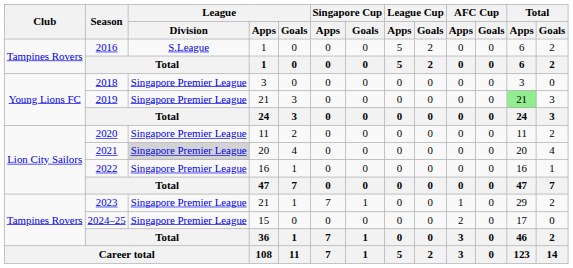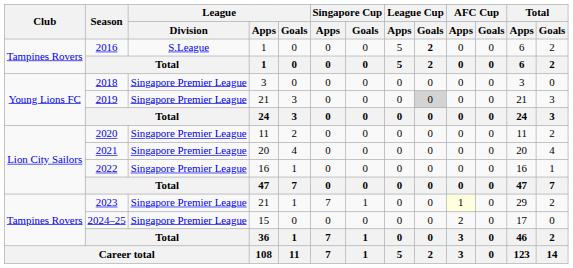 <table class="wikitable" style="text-align: center">
 <tr>
 <th rowspan="2">Club</th>
 <th rowspan="2">Season</th>
 <th colspan="3">League</th>
 <th colspan="2">Singapore Cup</th>
 <th colspan="2">League Cup</th>
 <th colspan="2">AFC Cup</th>
 <th colspan="2">Total</th>
 </tr>
 <tr>
 <th>Division</th>
 <th>Apps</th>
 <th>Goals</th>
 <th>Apps</th>
 <th>Goals</th>
 <th>Apps</th>
 <th>Goals</th>
 <th>Apps</th>
 <th>Goals</th>
 <th>Apps</th>
 <th>Goals</th>
 </tr>
 <tr>
 <td rowspan="2"><a href='#'>Tampines Rovers</a></td>
 <td><a href='#'>2016</a></td>
 <td><a href='#'>S.League</a></td>
 <td>1</td>
 <td>0</td>
 <td>0</td>
 <td>0</td>
 <td>5</td>
-<td>2</td>
+<td><strong>2</strong></td>
 <td>0</td>
 <td>0</td>
 <td>6</td>
 <td>2</td>
 </tr>
 <tr>
 <th colspan=2>Total</th>
 <th>1</th>
 <th>0</th>
 <th>0</th>
 <th>0</th>
 <th>5</th>
 <th>2</th>
 <th>0</th>
 <th>0</th>
 <th>6</th>
 <th>2</th>
 </tr>
 <tr>
 <td rowspan="3"><a href='#'>Young Lions FC</a></td>
 <td><a href='#'>2018</a></td>
 <td><a href='#'>Singapore Premier League</a></td>
 <td>3</td>
 <td>0</td>
 <td>0</td>
 <td>0</td>
 <td>0</td>
 <td>0</td>
 <td>0</td>
 <td>0</td>
 <td>3</td>
 <td>0</td>
 </tr>
 <tr>
 <td><a href='#'>2019</a></td>
 <td><a href='#'>Singapore Premier League</a></td>
 <td>21</td>
 <td>3</td>
 <td>0</td>
 <td>0</td>
 <td>0</td>
+<td style="background: lightgrey;">0</td>
 <td>0</td>
 <td>0</td>
-<td>0</td>
-<td style="background: lightgreen;">21</td>
+<td>21</td>
 <td>3</td>
 </tr>
 <tr>
 <th colspan=2>Total</th>
 <th>24</th>
 <th>3</th>
 <th>0</th>
 <th>0</th>
 <th>0</th>
 <th>0</th>
 <th>0</th>
 <th>0</th>
 <th>24</th>
 <th>3</th>
 </tr>
 <tr>
 <td rowspan="4"><a href='#'>Lion City Sailors</a></td>
 <td><a href='#'>2020</a></td>
 <td><a href='#'>Singapore Premier League</a></td>
 <td>11</td>
 <td>2</td>
 <td>0</td>
 <td>0</td>
 <td>0</td>
 <td>0</td>
 <td>0</td>
 <td>0</td>
 <td>11</td>
 <td>2</td>
 </tr>
 <tr>
 <td><a href='#'>2021</a></td>
-<td style="background: lightgrey;"><a href='#'>Singapore Premier League</a></td>
+<td><a href='#'>Singapore Premier League</a></td>
 <td>20</td>
 <td>4</td>
 <td>0</td>
 <td>0</td>
 <td>0</td>
 <td>0</td>
 <td>0</td>
 <td>0</td>
 <td>20</td>
 <td>4</td>
 </tr>
 <tr>
 <td><a href='#'>2022</a></td>
 <td><a href='#'>Singapore Premier League</a></td>
 <td>16</td>
 <td>1</td>
 <td>0</td>
 <td>0</td>
 <td>0</td>
 <td>0</td>
 <td>0</td>
 <td>0</td>
 <td>16</td>
 <td>1</td>
 </tr>
 <tr>
 <th colspan=2>Total</th>
 <th>47</th>
 <th>7</th>
 <th>0</th>
 <th>0</th>
 <th>0</th>
 <th>0</th>
 <th>0</th>
 <th>0</th>
 <th>47</th>
 <th>7</th>
 </tr>
 <tr>
 <td rowspan="3"><a href='#'>Tampines Rovers</a></td>
 <td><a href='#'>2023</a></td>
 <td><a href='#'>Singapore Premier League</a></td>
 <td>21</td>
 <td>1</td>
 <td>7</td>
 <td>1</td>
 <td>0</td>
 <td>0</td>
-<td>1</td>
+<td style="background: lightyellow;">1</td>
 <td>0</td>
 <td>29</td>
 <td>2</td>
 </tr>
 <tr>
 <td><a href='#'>2024–25</a></td>
 <td><a href='#'>Singapore Premier League</a></td>
 <td>15</td>
 <td>0</td>
 <td>0</td>
 <td>0</td>
 <td>0</td>
 <td>0</td>
 <td>2</td>
 <td>0</td>
 <td>17</td>
 <td>0</td>
 </tr>
 <tr>
 <th colspan=2>Total</th>
 <th>36</th>
 <th>1</th>
 <th>7</th>
 <th>1</th>
 <th>0</th>
 <th>0</th>
 <th>3</th>
 <th>0</th>
 <th>46</th>
 <th>2</th>
 </tr>
 <tr>
 <th colspan=3>Career total</th>
 <th>108</th>
 <th>11</th>
 <th>7</th>
 <th>1</th>
 <th>5</th>
 <th>2</th>
 <th>3</th>
 <th>0</th>
 <th>123</th>
 <th>14</th>
 </tr>
 </table>
